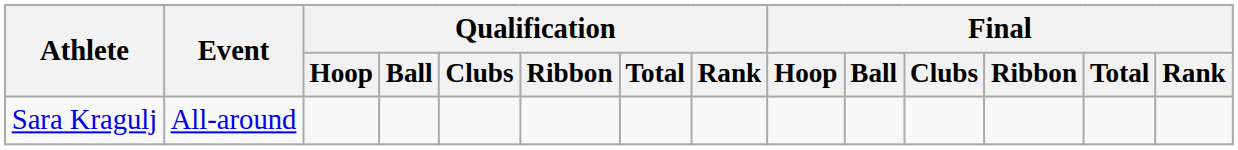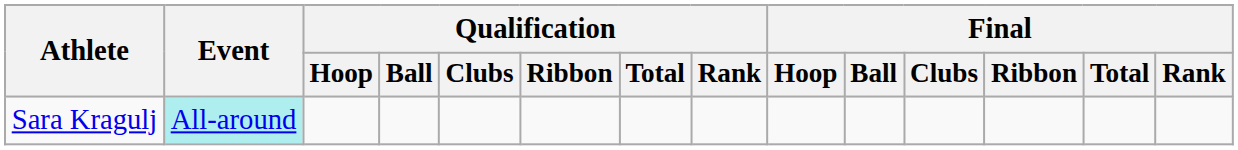 <table class=wikitable style="font-size:90%">
 <tr>
 <th rowspan="2">Athlete</th>
 <th rowspan="2">Event</th>
 <th colspan=6>Qualification</th>
 <th colspan=6>Final</th>
 </tr>
 <tr style="font-size:95%">
 <th>Hoop</th>
 <th>Ball</th>
 <th>Clubs</th>
 <th>Ribbon</th>
 <th>Total</th>
 <th>Rank</th>
 <th>Hoop</th>
 <th>Ball</th>
 <th>Clubs</th>
 <th>Ribbon</th>
 <th>Total</th>
 <th>Rank</th>
 </tr>
 <tr align=center>
 <td align=left><a href='#'>Sara Kragulj</a></td>
-<td align=left><a href='#'>All-around</a></td>
+<td align=left style="background: paleturquoise;"><a href='#'>All-around</a></td>
 <td></td>
 <td></td>
 <td></td>
 <td></td>
 <td></td>
 <td></td>
 <td></td>
 <td></td>
 <td></td>
 <td></td>
 <td></td>
 <td></td>
 </tr>
 </table>
